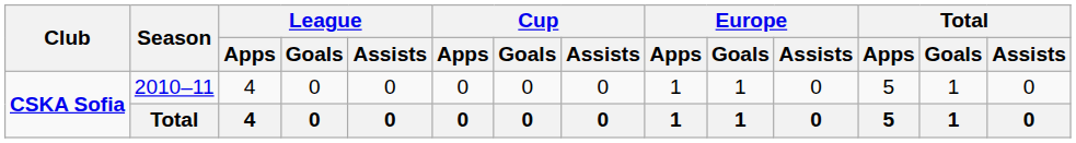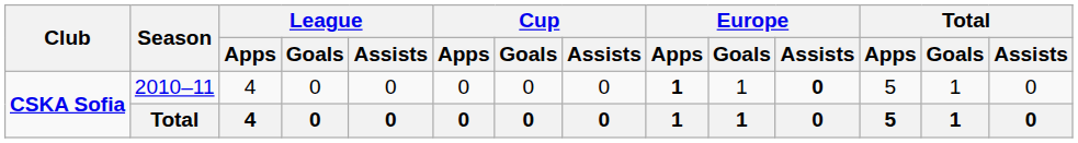 <table class="wikitable" style="font-size:100%; text-align: center;">
 <tr>
 <th rowspan="2">Club</th>
 <th rowspan="2">Season</th>
 <th colspan="3"><a href='#'>League</a></th>
 <th colspan="3"><a href='#'>Cup</a></th>
 <th colspan="3"><a href='#'>Europe</a></th>
 <th colspan="3">Total</th>
 </tr>
 <tr>
 <th>Apps</th>
 <th>Goals</th>
 <th>Assists</th>
 <th>Apps</th>
 <th>Goals</th>
 <th>Assists</th>
 <th>Apps</th>
 <th>Goals</th>
 <th>Assists</th>
 <th>Apps</th>
 <th>Goals</th>
 <th>Assists</th>
 </tr>
 <tr>
 <td rowspan="2" valign="center"><strong><a href='#'>CSKA Sofia</a></strong></td>
 <td><a href='#'>2010–11</a></td>
 <td>4</td>
 <td>0</td>
 <td>0</td>
 <td>0</td>
 <td>0</td>
 <td>0</td>
+<td><strong>1</strong></td>
 <td>1</td>
-<td>1</td>
-<td>0</td>
+<td><strong>0</strong></td>
 <td>5</td>
 <td>1</td>
 <td>0</td>
 </tr>
 <tr>
 <th colspan="1">Total</th>
 <th>4</th>
 <th>0</th>
 <th>0</th>
 <th>0</th>
 <th>0</th>
 <th>0</th>
 <th>1</th>
 <th>1</th>
 <th>0</th>
 <th>5</th>
 <th>1</th>
 <th>0</th>
 </tr>
 </table>
